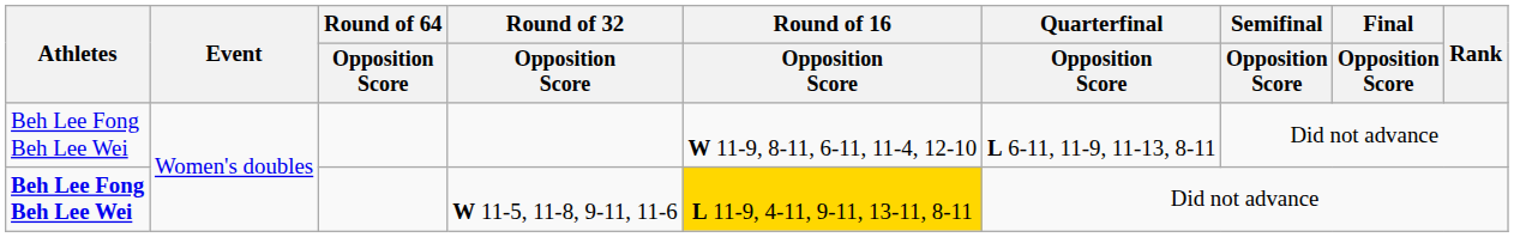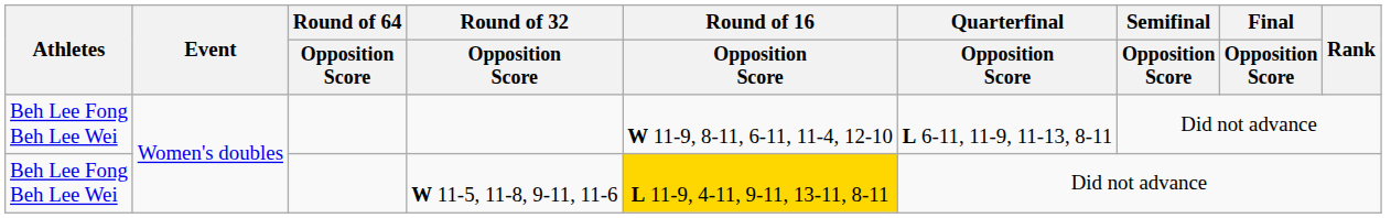 <table class="wikitable" style="font-size:90%">
 <tr>
 <th rowspan=2>Athletes</th>
 <th rowspan=2>Event</th>
 <th>Round of 64</th>
 <th>Round of 32</th>
 <th>Round of 16</th>
 <th>Quarterfinal</th>
 <th>Semifinal</th>
 <th>Final</th>
 <th rowspan=2>Rank</th>
 </tr>
 <tr style="font-size:95%">
 <th>Opposition<br>Score</th>
 <th>Opposition<br>Score</th>
 <th>Opposition<br>Score</th>
 <th>Opposition<br>Score</th>
 <th>Opposition<br>Score</th>
 <th>Opposition<br>Score</th>
 </tr>
 <tr align=center>
 <td align=left><a href='#'>Beh Lee Fong</a><br><a href='#'>Beh Lee Wei</a></td>
 <td align=left rowspan=2><a href='#'>Women's doubles</a></td>
 <td></td>
 <td></td>
 <td><br><strong>W</strong> 11-9, 8-11, 6-11, 11-4, 12-10</td>
 <td><br><strong>L</strong> 6-11, 11-9, 11-13, 8-11</td>
 <td colspan=3>Did not advance</td>
 </tr>
 <tr align=center>
-<td align=left><strong><a href='#'>Beh Lee Fong</a><br><a href='#'>Beh Lee Wei</a></strong></td>
+<td align=left><a href='#'>Beh Lee Fong</a><br><a href='#'>Beh Lee Wei</a></td>
 <td></td>
 <td><br><strong>W</strong> 11-5, 11-8, 9-11, 11-6</td>
 <td style="background: gold;"><br><strong>L</strong> 11-9, 4-11, 9-11, 13-11, 8-11</td>
 <td colspan=4>Did not advance</td>
 </tr>
 </table>
